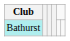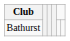 <table class="wikitable sortable " style="text-align:center;">
 <tr>
 <th>Club</th>
 <th rowspan=2></th>
 <th rowspan=2></th>
 <th rowspan=2></th>
 </tr>
 <tr>
-<td style="background: paleturquoise;">Bathurst</td>
+<td>Bathurst</td>
 <td></td>
 <td></td>
 </tr>
 </table>
